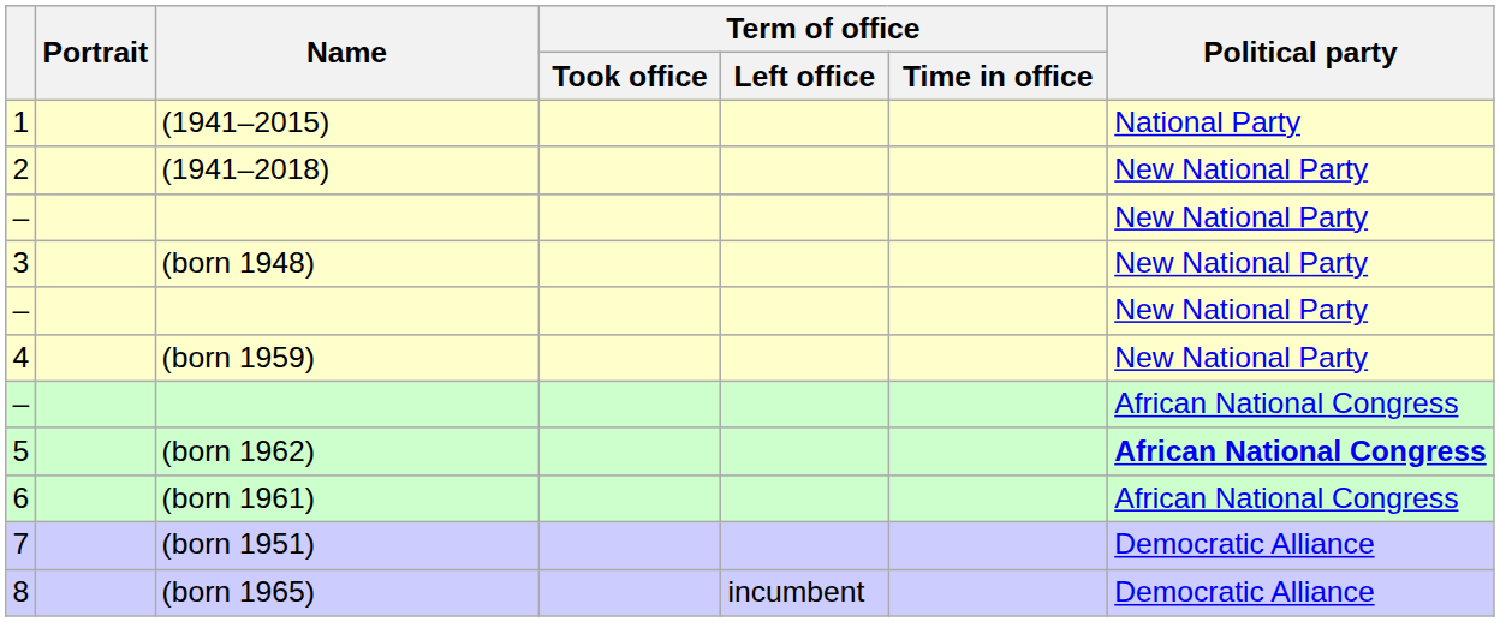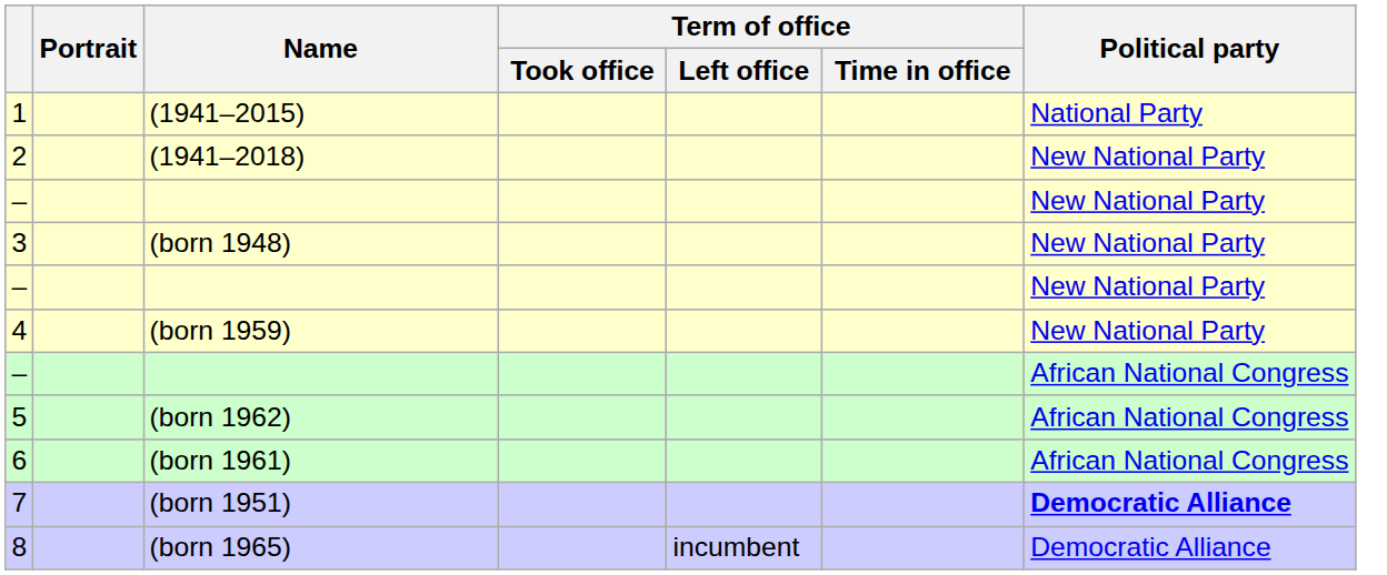 <table class="wikitable sortable">
 <tr>
 <th rowspan="2"></th>
 <th rowspan="2">Portrait</th>
 <th rowspan="2" width="200px">Name<br></th>
 <th colspan="3" width="300px">Term of office</th>
 <th rowspan="2">Political party</th>
 </tr>
 <tr>
 <th>Took office</th>
 <th>Left office</th>
 <th>Time in office</th>
 </tr>
 <tr style="background:#ffc;">
 <td>1</td>
 <td></td>
 <td> (1941–2015)</td>
 <td></td>
 <td></td>
 <td></td>
 <td><a href='#'>National Party</a></td>
 </tr>
 <tr style="background:#ffc;">
 <td>2</td>
 <td></td>
 <td> (1941–2018)</td>
 <td></td>
 <td></td>
 <td></td>
 <td><a href='#'>New National Party</a></td>
 </tr>
 <tr style="background:#ffc;">
 <td>–</td>
 <td></td>
 <td></td>
 <td></td>
 <td></td>
 <td></td>
 <td><a href='#'>New National Party</a></td>
 </tr>
 <tr style="background:#ffc;">
 <td>3</td>
 <td></td>
 <td> (born 1948)</td>
 <td></td>
 <td></td>
 <td></td>
 <td><a href='#'>New National Party</a></td>
 </tr>
 <tr style="background:#ffc;">
 <td>–</td>
 <td></td>
 <td></td>
 <td></td>
 <td></td>
 <td></td>
 <td><a href='#'>New National Party</a></td>
 </tr>
 <tr style="background:#ffc;">
 <td>4</td>
 <td></td>
 <td> (born 1959)</td>
 <td></td>
 <td></td>
 <td></td>
 <td><a href='#'>New National Party</a></td>
 </tr>
 <tr style="background:#cfc;">
 <td>–</td>
 <td></td>
 <td></td>
 <td></td>
 <td></td>
 <td></td>
 <td><a href='#'>African National Congress</a></td>
 </tr>
 <tr style="background:#cfc;">
 <td>5</td>
 <td></td>
 <td> (born 1962)</td>
 <td></td>
 <td></td>
 <td></td>
-<td><strong><a href='#'>African National Congress</a></strong></td>
+<td><a href='#'>African National Congress</a></td>
 </tr>
 <tr style="background:#cfc;">
 <td>6</td>
 <td></td>
 <td> (born 1961)</td>
 <td></td>
 <td></td>
 <td></td>
 <td><a href='#'>African National Congress</a></td>
 </tr>
 <tr style="background:#ccf;">
 <td>7</td>
 <td></td>
 <td> (born 1951)</td>
 <td></td>
 <td></td>
 <td></td>
-<td><a href='#'>Democratic Alliance</a></td>
+<td><strong><a href='#'>Democratic Alliance</a></strong></td>
 </tr>
 <tr style="background:#ccf;">
 <td>8</td>
 <td></td>
 <td> (born 1965)</td>
 <td></td>
 <td>incumbent</td>
 <td></td>
 <td><a href='#'>Democratic Alliance</a></td>
 </tr>
 </table>
